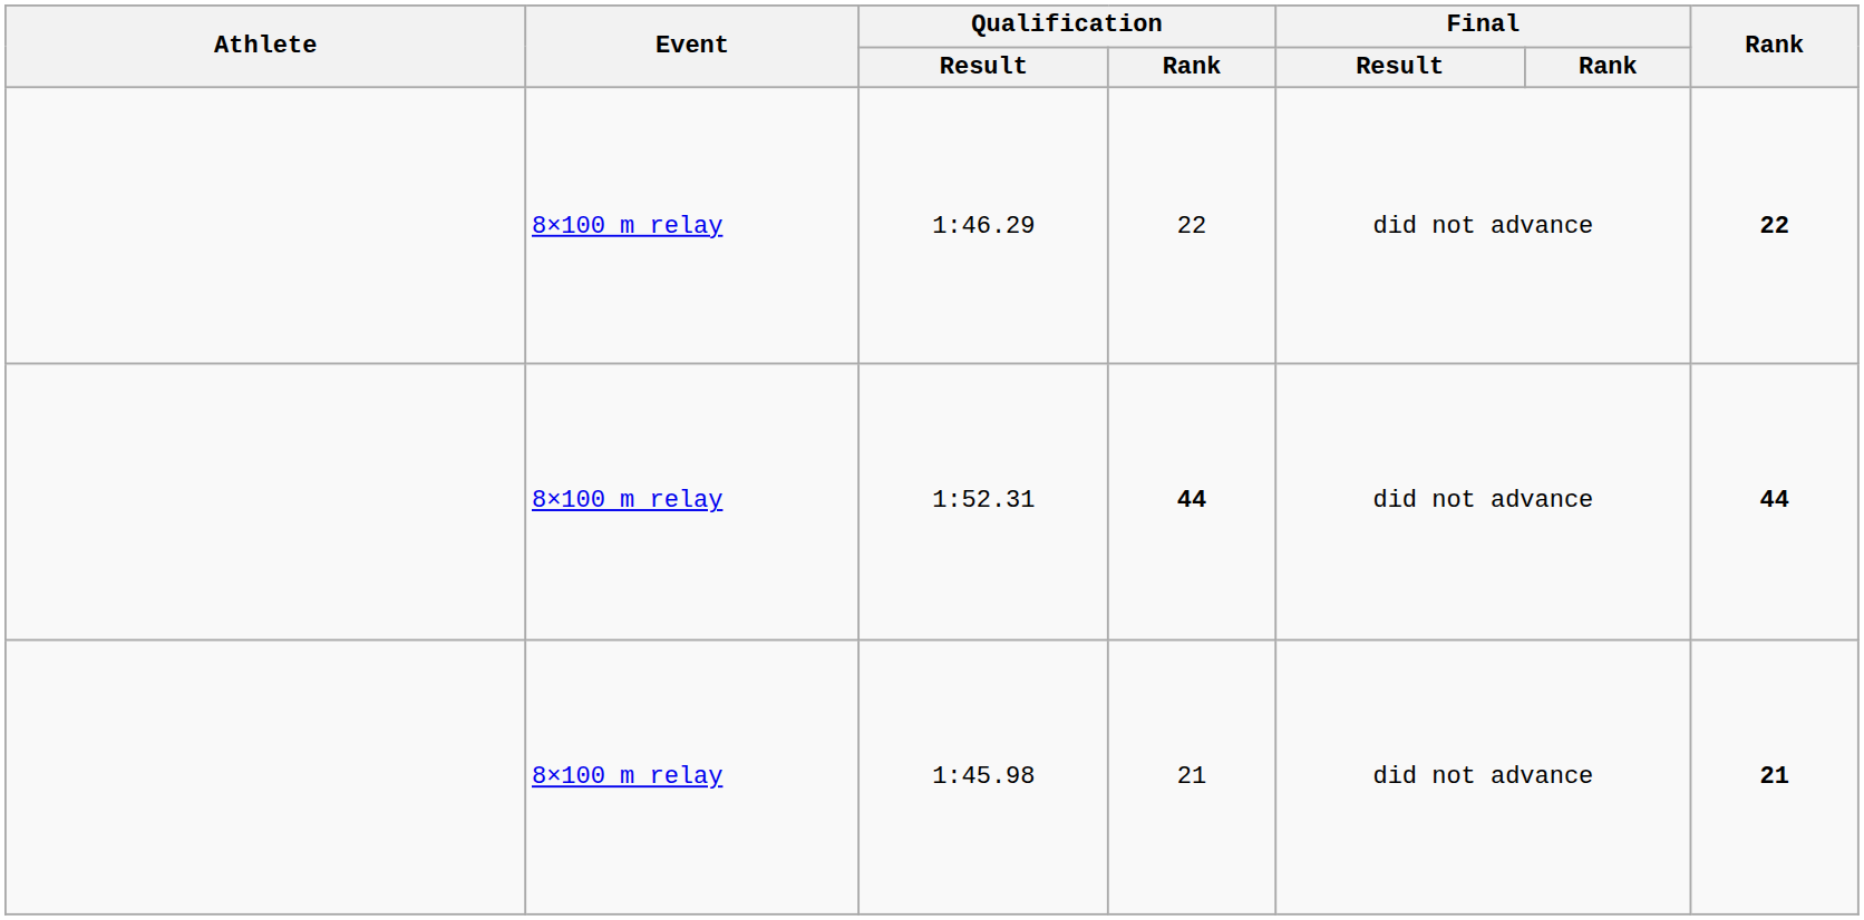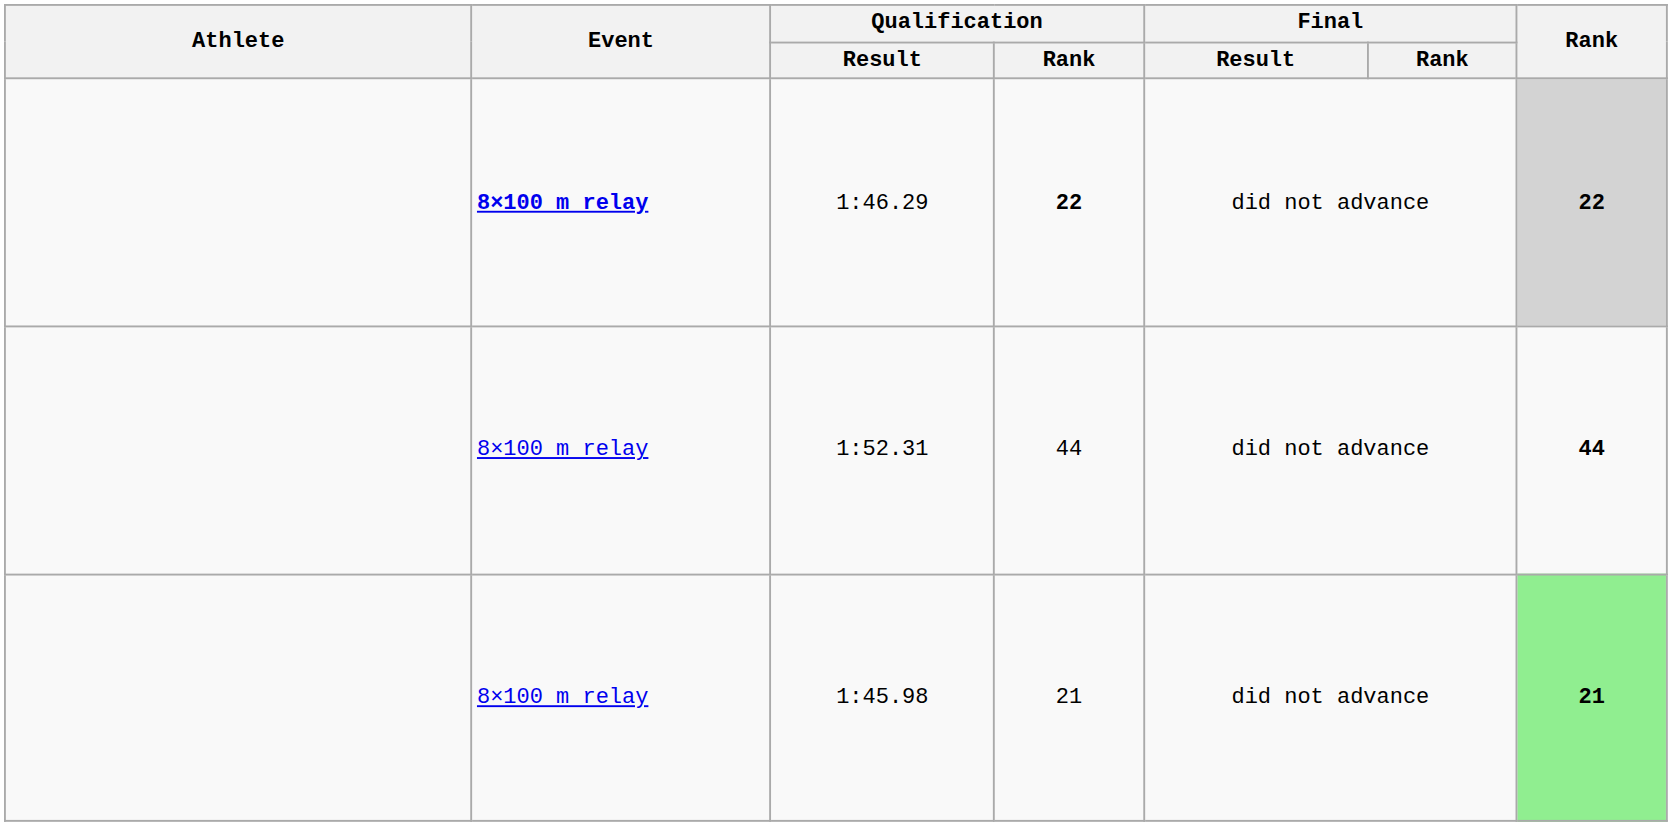 <table class="wikitable" width="70%" style="text-align:center; font-size:90%">
 <tr>
 <th rowspan="2" width="25%">Athlete</th>
 <th rowspan="2" width="16%">Event</th>
 <th colspan="2" width="20%">Qualification</th>
 <th colspan="2" width="20%">Final</th>
 <th rowspan="2" width="8%">Rank</th>
 </tr>
 <tr>
 <th width="12%">Result</th>
 <th>Rank</th>
 <th width="12%">Result</th>
 <th>Rank</th>
 </tr>
 <tr>
 <td align="left"><br><br><br><br><br><br><br><br><br></td>
-<td align="left"><a href='#'>8×100 m relay</a></td>
+<td align="left"><strong><a href='#'>8×100 m relay</a></strong></td>
 <td>1:46.29</td>
-<td>22</td>
+<td><strong>22</strong></td>
 <td colspan=2>did not advance</td>
-<td><strong>22</strong></td>
+<td style="background: lightgrey;"><strong>22</strong></td>
 </tr>
 <tr>
 <td align="left"><br><br><br><br><br><br><br><br><br></td>
 <td align="left"><a href='#'>8×100 m relay</a></td>
 <td>1:52.31</td>
-<td><strong>44</strong></td>
+<td>44</td>
 <td colspan=2>did not advance</td>
 <td><strong>44</strong></td>
 </tr>
 <tr>
 <td align="left"><br><br><br><br><br><br><br><br><br></td>
 <td align="left"><a href='#'>8×100 m relay</a></td>
 <td>1:45.98</td>
 <td>21</td>
 <td colspan=2>did not advance</td>
-<td><strong>21</strong></td>
+<td style="background: lightgreen;"><strong>21</strong></td>
 </tr>
 </table>
